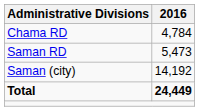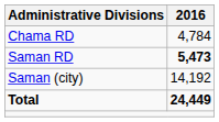 <table class="wikitable">
 <tr>
 <th>Administrative Divisions</th>
 <th>2016</th>
 </tr>
 <tr>
 <td><a href='#'>Chama RD</a></td>
 <td style="text-align: right;">4,784</td>
 </tr>
 <tr>
 <td><a href='#'>Saman RD</a></td>
-<td style="text-align: right;">5,473</td>
+<td style="text-align: right;"><strong>5,473</strong></td>
 </tr>
 <tr>
 <td><a href='#'>Saman</a> (city)</td>
 <td style="text-align: right;">14,192</td>
 </tr>
 <tr>
 <td><strong>Total</strong></td>
 <td style="text-align: right;"><strong>24,449</strong></td>
 </tr>
 <tr>
 <td colspan=2></td>
 </tr>
 </table>
